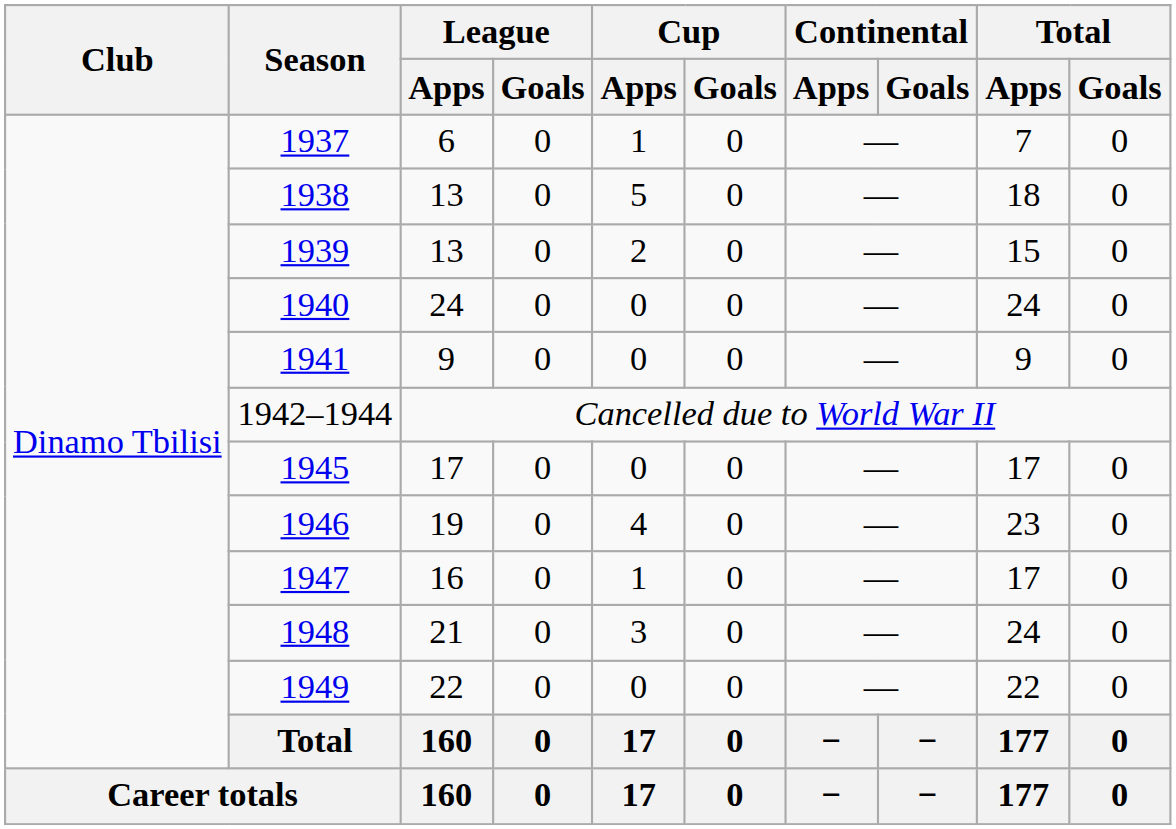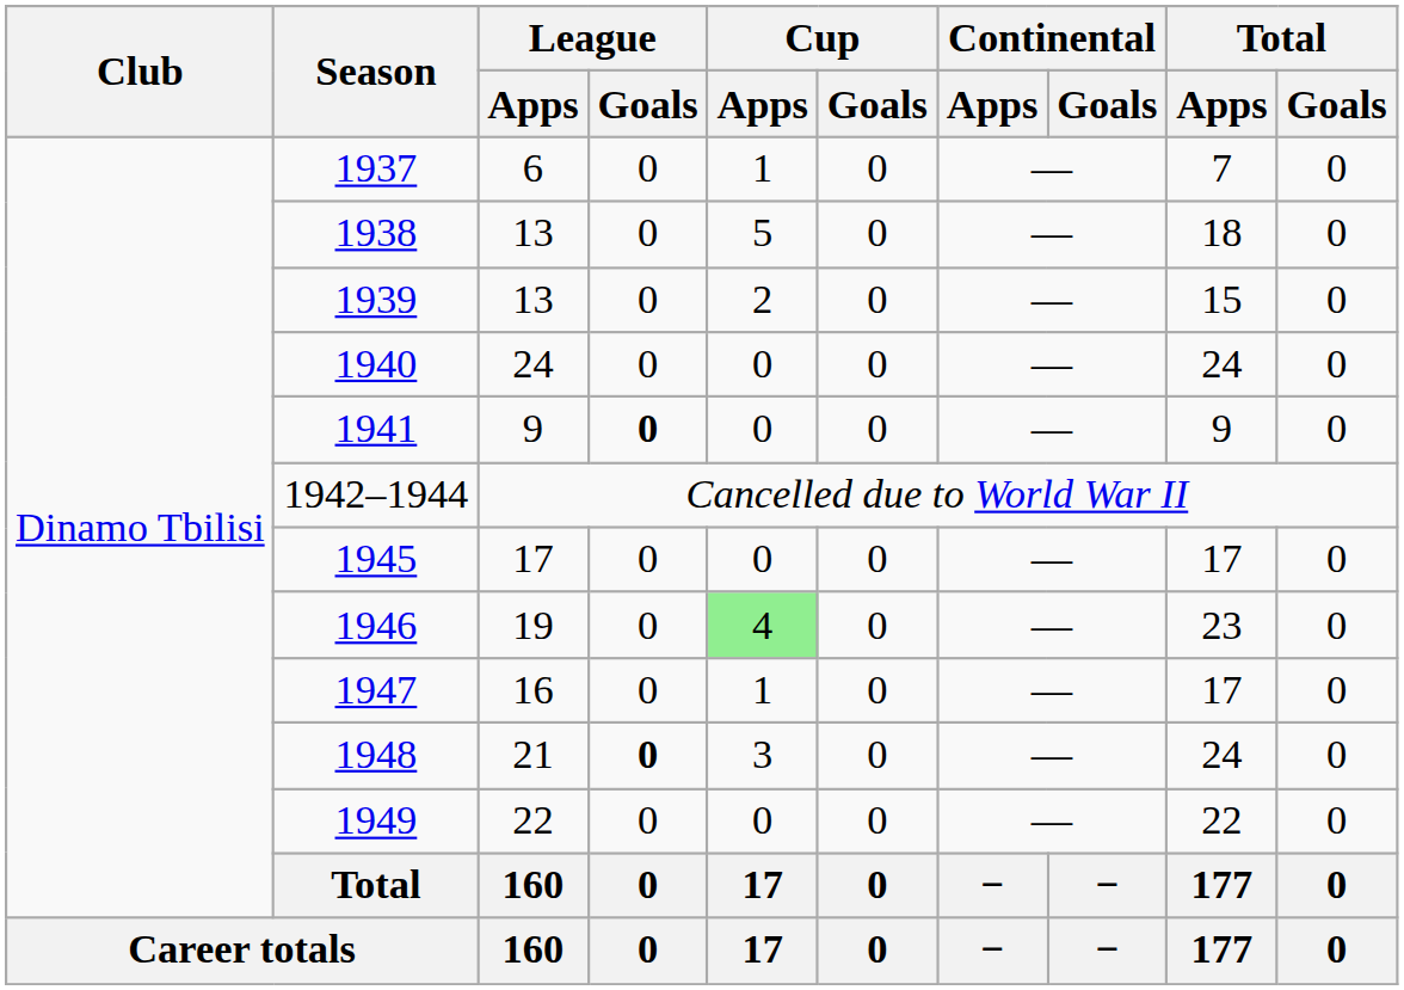 <table class="wikitable" style="font-size:100%; text-align: center;">
 <tr>
 <th rowspan="2">Club</th>
 <th rowspan="2">Season</th>
 <th colspan="2">League</th>
 <th colspan="2">Cup</th>
 <th colspan="2">Continental</th>
 <th colspan="2">Total</th>
 </tr>
 <tr>
 <th>Apps</th>
 <th>Goals</th>
 <th>Apps</th>
 <th>Goals</th>
 <th>Apps</th>
 <th>Goals</th>
 <th>Apps</th>
 <th>Goals</th>
 </tr>
 <tr>
 <td rowspan="12" valign="center"><a href='#'>Dinamo Tbilisi</a></td>
 <td><a href='#'>1937</a></td>
 <td>6</td>
 <td>0</td>
 <td>1</td>
 <td>0</td>
 <td colspan="2">—</td>
 <td>7</td>
 <td>0</td>
 </tr>
 <tr>
 <td><a href='#'>1938</a></td>
 <td>13</td>
 <td>0</td>
 <td>5</td>
 <td>0</td>
 <td colspan="2">—</td>
 <td>18</td>
 <td>0</td>
 </tr>
 <tr>
 <td><a href='#'>1939</a></td>
 <td>13</td>
 <td>0</td>
 <td>2</td>
 <td>0</td>
 <td colspan="2">—</td>
 <td>15</td>
 <td>0</td>
 </tr>
 <tr>
 <td><a href='#'>1940</a></td>
 <td>24</td>
 <td>0</td>
 <td>0</td>
 <td>0</td>
 <td colspan="2">—</td>
 <td>24</td>
 <td>0</td>
 </tr>
 <tr>
 <td><a href='#'>1941</a></td>
 <td>9</td>
-<td>0</td>
+<td><strong>0</strong></td>
 <td>0</td>
 <td>0</td>
 <td colspan="2">—</td>
 <td>9</td>
 <td>0</td>
 </tr>
 <tr>
 <td>1942–1944</td>
 <td colspan="8"><em>Cancelled due to <a href='#'>World War II</a></em></td>
 </tr>
 <tr>
 <td><a href='#'>1945</a></td>
 <td>17</td>
 <td>0</td>
 <td>0</td>
 <td>0</td>
 <td colspan="2">—</td>
 <td>17</td>
 <td>0</td>
 </tr>
 <tr>
 <td><a href='#'>1946</a></td>
 <td>19</td>
 <td>0</td>
-<td>4</td>
+<td style="background: lightgreen;">4</td>
 <td>0</td>
 <td colspan="2">—</td>
 <td>23</td>
 <td>0</td>
 </tr>
 <tr>
 <td><a href='#'>1947</a></td>
 <td>16</td>
 <td>0</td>
 <td>1</td>
 <td>0</td>
 <td colspan="2">—</td>
 <td>17</td>
 <td>0</td>
 </tr>
 <tr>
 <td><a href='#'>1948</a></td>
 <td>21</td>
-<td>0</td>
+<td><strong>0</strong></td>
 <td>3</td>
 <td>0</td>
 <td colspan="2">—</td>
 <td>24</td>
 <td>0</td>
 </tr>
 <tr>
 <td><a href='#'>1949</a></td>
 <td>22</td>
 <td>0</td>
 <td>0</td>
 <td>0</td>
 <td colspan="2">—</td>
 <td>22</td>
 <td>0</td>
 </tr>
 <tr>
 <th>Total</th>
 <th>160</th>
 <th>0</th>
 <th>17</th>
 <th>0</th>
 <th>−</th>
 <th>−</th>
 <th>177</th>
 <th>0</th>
 </tr>
 <tr>
 <th colspan="2">Career totals</th>
 <th>160</th>
 <th>0</th>
 <th>17</th>
 <th>0</th>
 <th>−</th>
 <th>−</th>
 <th>177</th>
 <th>0</th>
 </tr>
 </table>
